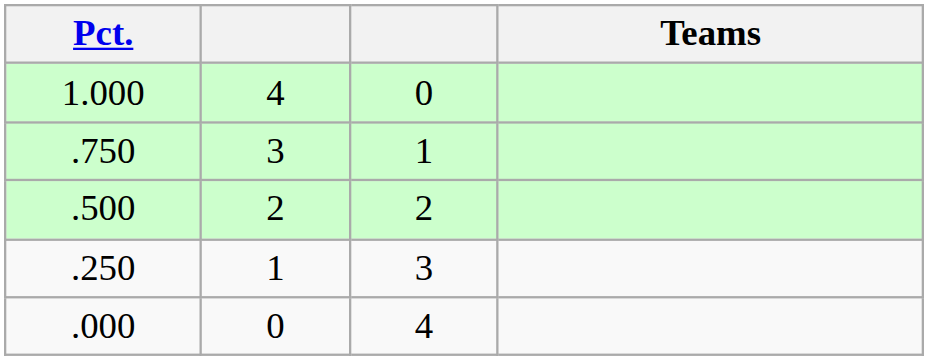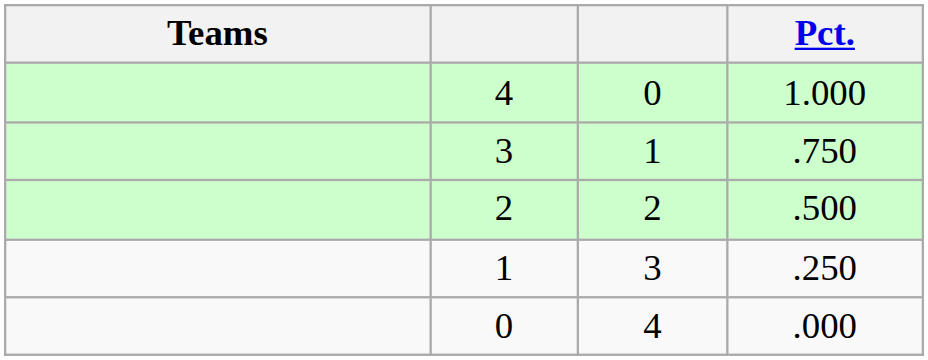 <table class="wikitable" width="400" style="text-align:center;">
 <tr>
-<th width="8%"><a href='#'>Pct.</a></th>
+<th width="20%">Teams</th>
 <th width="7%"></th>
 <th width="7%"></th>
-<th width="20%">Teams</th>
+<th width="8%"><a href='#'>Pct.</a></th>
 </tr>
 <tr style="background-color:#cfc">
-<td>1.000</td>
+<td align=left></td>
 <td>4</td>
 <td>0</td>
-<td align=left></td>
+<td>1.000</td>
 </tr>
 <tr style="background-color:#cfc">
-<td>.750</td>
+<td align=left></td>
 <td>3</td>
 <td>1</td>
-<td align=left></td>
+<td>.750</td>
 </tr>
 <tr style="background-color:#cfc">
-<td>.500</td>
+<td align=left></td>
 <td>2</td>
 <td>2</td>
-<td align=left></td>
+<td>.500</td>
 </tr>
 <tr>
-<td>.250</td>
+<td align=left></td>
 <td>1</td>
 <td>3</td>
-<td align=left></td>
+<td>.250</td>
 </tr>
 <tr>
-<td>.000</td>
+<td align=left></td>
 <td>0</td>
 <td>4</td>
-<td align=left></td>
+<td>.000</td>
 </tr>
 </table>
